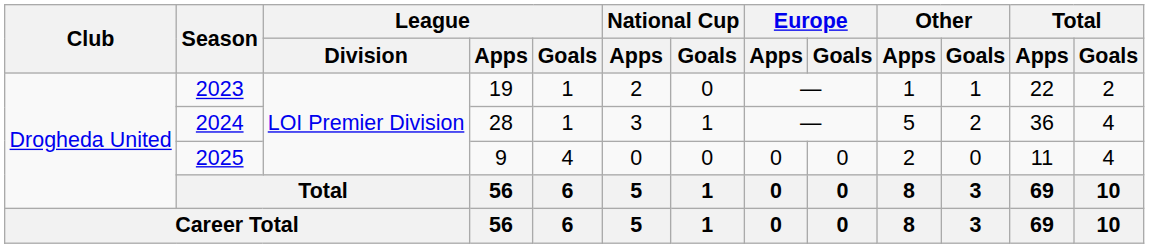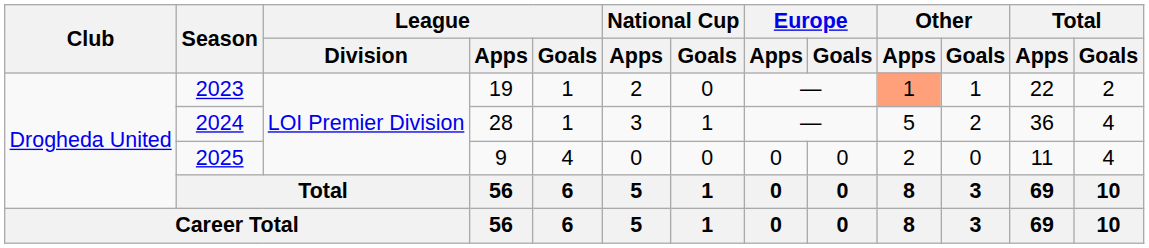 <table class=wikitable style="text-align: center">
 <tr>
 <th rowspan=2>Club</th>
 <th rowspan=2>Season</th>
 <th colspan=3>League</th>
 <th colspan=2>National Cup</th>
 <th colspan=2><a href='#'>Europe</a></th>
 <th colspan=2>Other</th>
 <th colspan=2>Total</th>
 </tr>
 <tr>
 <th>Division</th>
 <th>Apps</th>
 <th>Goals</th>
 <th>Apps</th>
 <th>Goals</th>
 <th>Apps</th>
 <th>Goals</th>
 <th>Apps</th>
 <th>Goals</th>
 <th>Apps</th>
 <th>Goals</th>
 </tr>
 <tr>
 <td rowspan="4"><a href='#'>Drogheda United</a></td>
 <td><a href='#'>2023</a></td>
 <td rowspan="3"><a href='#'>LOI Premier Division</a></td>
 <td>19</td>
 <td>1</td>
 <td>2</td>
 <td>0</td>
 <td colspan="2">—</td>
-<td>1</td>
+<td style="background: lightsalmon;">1</td>
 <td>1</td>
 <td>22</td>
 <td>2</td>
 </tr>
 <tr>
 <td><a href='#'>2024</a></td>
 <td>28</td>
 <td>1</td>
 <td>3</td>
 <td>1</td>
 <td colspan="2">—</td>
 <td>5</td>
 <td>2</td>
 <td>36</td>
 <td>4</td>
 </tr>
 <tr>
 <td><a href='#'>2025</a></td>
 <td>9</td>
 <td>4</td>
 <td>0</td>
 <td>0</td>
 <td>0</td>
 <td>0</td>
 <td>2</td>
 <td>0</td>
 <td>11</td>
 <td>4</td>
 </tr>
 <tr>
 <th colspan="2">Total</th>
 <th>56</th>
 <th>6</th>
 <th>5</th>
 <th>1</th>
 <th>0</th>
 <th>0</th>
 <th>8</th>
 <th>3</th>
 <th>69</th>
 <th>10</th>
 </tr>
 <tr>
 <th colspan="3">Career Total</th>
 <th>56</th>
 <th>6</th>
 <th>5</th>
 <th>1</th>
 <th>0</th>
 <th>0</th>
 <th>8</th>
 <th>3</th>
 <th>69</th>
 <th>10</th>
 </tr>
 </table>
